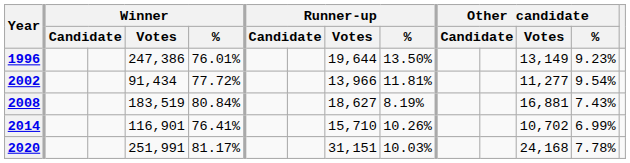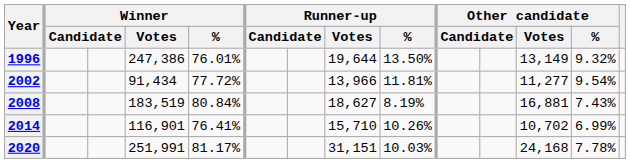 <table class="wikitable sortable">
 <tr>
 <th scope=col rowspan="2">Year</th>
 <th scope="col" style="border-left:3px solid darkgray;" colspan="4">Winner</th>
 <th scope="col" style="border-left:3px solid darkgray;" colspan="4">Runner-up</th>
 <th scope="col" style="border-left:3px solid darkgray;" colspan="4">Other candidate</th>
 <th scope="col" class="unsortable" rowspan="2"></th>
 </tr>
 <tr>
 <th scope="col" style="border-left:3px solid darkgray;" colspan="2">Candidate</th>
 <th scope="col" data-sort-type="number">Votes</th>
 <th scope="col"  data-sort-type="number">%</th>
 <th scope="col" style="border-left:3px solid darkgray;" colspan="2">Candidate</th>
 <th scope="col"  data-sort-type="number">Votes</th>
 <th scope="col"  data-sort-type="number">%</th>
 <th scope="col"  scope="col" style="border-left:3px solid darkgray;" colspan="2">Candidate</th>
 <th scope="col"  data-sort-type="number">Votes</th>
 <th scope="col"  data-sort-type="number">%</th>
 </tr>
 <tr>
 <th scope="row"><a href='#'>1996</a></th>
 <td style="text-align:left; border-left:3px solid darkgray; background-color:"></td>
 <td> </td>
 <td>247,386</td>
 <td>76.01%</td>
 <td style="text-align:left; border-left:3px solid darkgray; background-color:"></td>
 <td> </td>
 <td>19,644</td>
 <td>13.50%</td>
 <td style="text-align:left; border-left:3px solid darkgray; background-color:"></td>
 <td> </td>
 <td>13,149</td>
-<td>9.23%</td>
+<td>9.32%</td>
 <td style="text-align: center;"></td>
 </tr>
 <tr>
 <th scope="row"><a href='#'>2002</a></th>
 <td style="text-align:left; border-left:3px solid darkgray; background-color:"></td>
 <td> </td>
 <td>91,434</td>
 <td>77.72%</td>
 <td style="text-align:left; border-left:3px solid darkgray; background-color:"></td>
 <td> </td>
 <td>13,966</td>
 <td>11.81%</td>
 <td style="text-align:left; border-left:3px solid darkgray; background-color:"></td>
 <td> </td>
 <td>11,277</td>
 <td>9.54%</td>
 <td style="text-align: center;"></td>
 </tr>
 <tr>
 <th scope="row"><a href='#'>2008</a></th>
 <td style="text-align:left; border-left:3px solid darkgray; background-color:"></td>
 <td> </td>
 <td>183,519</td>
 <td>80.84%</td>
 <td style="text-align:left; border-left:3px solid darkgray; background-color:"></td>
 <td> </td>
 <td>18,627</td>
 <td>8.19%</td>
 <td style="text-align:left; border-left:3px solid darkgray; background-color:"></td>
 <td> </td>
 <td>16,881</td>
 <td>7.43%</td>
 <td style="text-align: center;"></td>
 </tr>
 <tr>
 <th scope="row"><a href='#'>2014</a></th>
 <td style="text-align:left; border-left:3px solid darkgray; background-color:"></td>
 <td> </td>
 <td>116,901</td>
 <td>76.41%</td>
 <td style="text-align:left; border-left:3px solid darkgray; background-color:"></td>
 <td> </td>
 <td>15,710</td>
 <td>10.26%</td>
 <td style="text-align:left; border-left:3px solid darkgray; background-color:"></td>
 <td> </td>
 <td>10,702</td>
 <td>6.99%</td>
 <td style="text-align: center;"></td>
 </tr>
 <tr>
 <th scope="row"><a href='#'>2020</a></th>
 <td style="text-align:left; border-left:3px solid darkgray; background-color:"></td>
 <td> </td>
 <td>251,991</td>
 <td>81.17%</td>
 <td style="text-align:left; border-left:3px solid darkgray; background-color:"></td>
 <td> </td>
 <td>31,151</td>
 <td>10.03%</td>
 <td style="text-align:left; border-left:3px solid darkgray; background-color:"></td>
 <td> </td>
 <td>24,168</td>
 <td>7.78%</td>
 <td style="text-align: center;"></td>
 </tr>
 </table>
